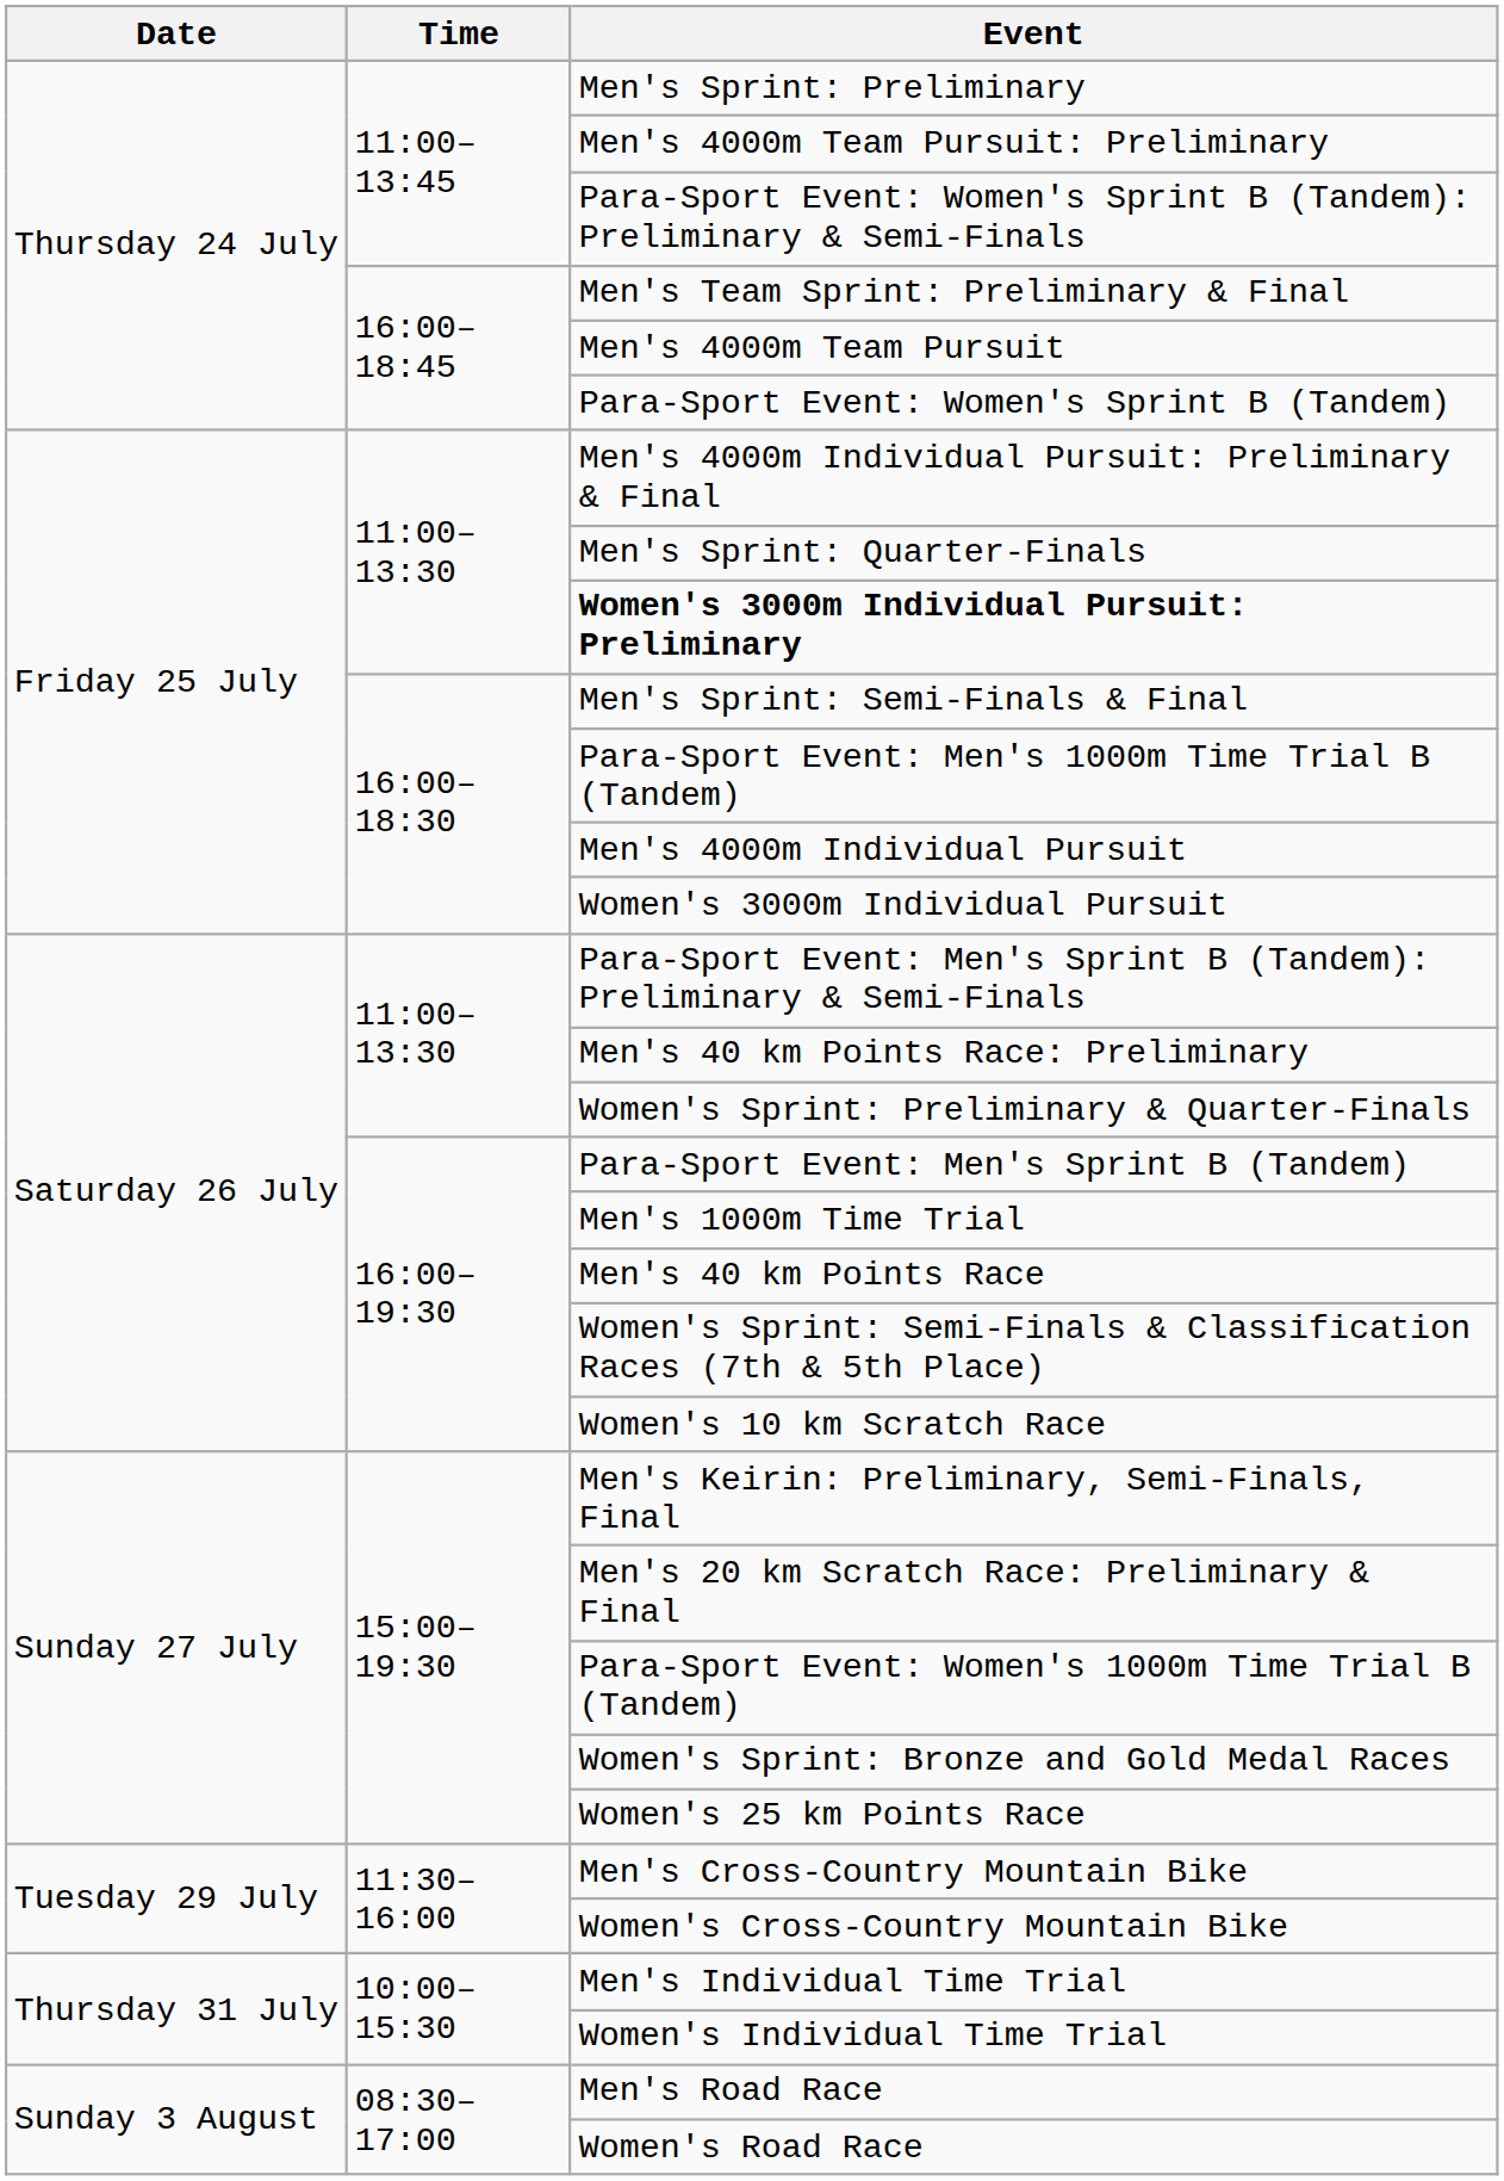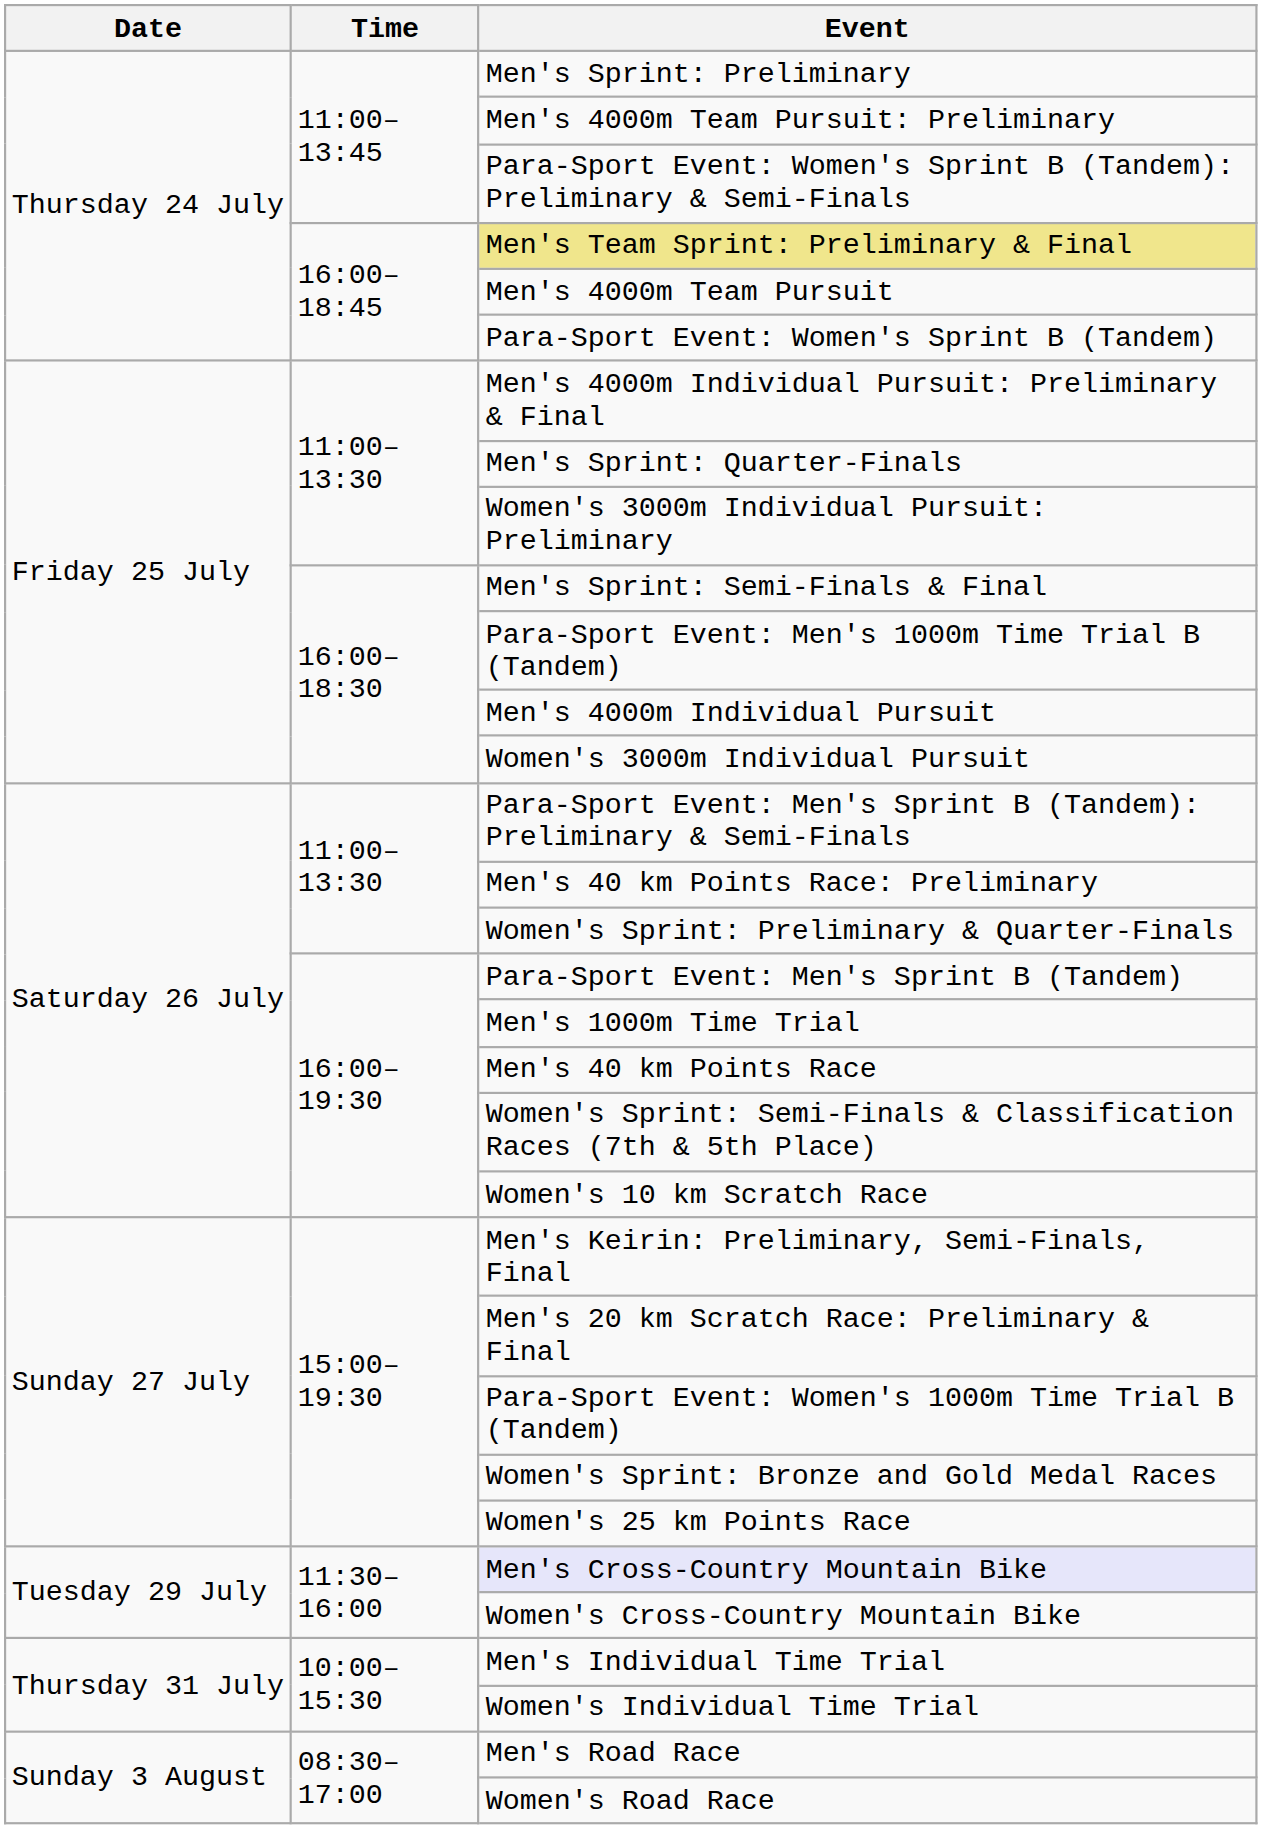 <table class=wikitable>
 <tr>
 <th width=125>Date</th>
 <th width=80>Time</th>
 <th width=350>Event</th>
 </tr>
 <tr>
 <td rowspan="6">Thursday 24 July</td>
 <td rowspan="3">11:00–13:45</td>
 <td>Men's Sprint: Preliminary</td>
 </tr>
 <tr>
 <td>Men's 4000m Team Pursuit: Preliminary</td>
 </tr>
 <tr>
 <td>Para-Sport Event: Women's Sprint B (Tandem): Preliminary & Semi-Finals</td>
 </tr>
 <tr>
 <td rowspan="3">16:00–18:45</td>
-<td>Men's Team Sprint: Preliminary & Final</td>
+<td style="background: khaki;">Men's Team Sprint: Preliminary & Final</td>
 </tr>
 <tr>
 <td>Men's 4000m Team Pursuit</td>
 </tr>
 <tr>
 <td>Para-Sport Event: Women's Sprint B (Tandem)</td>
 </tr>
 <tr>
 <td rowspan="7">Friday 25 July</td>
 <td rowspan="3">11:00–13:30</td>
 <td>Men's 4000m Individual Pursuit: Preliminary & Final</td>
 </tr>
 <tr>
 <td>Men's Sprint: Quarter-Finals</td>
 </tr>
 <tr>
-<td><strong>Women's 3000m Individual Pursuit: Preliminary</strong></td>
+<td>Women's 3000m Individual Pursuit: Preliminary</td>
 </tr>
 <tr>
 <td rowspan="4">16:00–18:30</td>
 <td>Men's Sprint: Semi-Finals & Final</td>
 </tr>
 <tr>
 <td>Para-Sport Event: Men's 1000m Time Trial B (Tandem)</td>
 </tr>
 <tr>
 <td>Men's 4000m Individual Pursuit</td>
 </tr>
 <tr>
 <td>Women's 3000m Individual Pursuit</td>
 </tr>
 <tr>
 <td rowspan="8">Saturday 26 July</td>
 <td rowspan="3">11:00–13:30</td>
 <td>Para-Sport Event: Men's Sprint B (Tandem): Preliminary & Semi-Finals</td>
 </tr>
 <tr>
 <td>Men's 40 km Points Race: Preliminary</td>
 </tr>
 <tr>
 <td>Women's Sprint: Preliminary & Quarter-Finals</td>
 </tr>
 <tr>
 <td rowspan="5">16:00–19:30</td>
 <td>Para-Sport Event: Men's Sprint B (Tandem)</td>
 </tr>
 <tr>
 <td>Men's 1000m Time Trial</td>
 </tr>
 <tr>
 <td>Men's 40 km Points Race</td>
 </tr>
 <tr>
 <td>Women's Sprint: Semi-Finals & Classification Races (7th & 5th Place)</td>
 </tr>
 <tr>
 <td>Women's 10 km Scratch Race</td>
 </tr>
 <tr>
 <td rowspan="5">Sunday 27 July</td>
 <td rowspan="5">15:00–19:30</td>
 <td>Men's Keirin: Preliminary, Semi-Finals, Final</td>
 </tr>
 <tr>
 <td>Men's 20 km Scratch Race: Preliminary & Final</td>
 </tr>
 <tr>
 <td>Para-Sport Event: Women's 1000m Time Trial B (Tandem)</td>
 </tr>
 <tr>
 <td>Women's Sprint: Bronze and Gold Medal Races</td>
 </tr>
 <tr>
 <td>Women's 25 km Points Race</td>
 </tr>
 <tr>
 <td rowspan="2">Tuesday 29 July</td>
 <td rowspan="2">11:30–16:00</td>
-<td>Men's Cross-Country Mountain Bike</td>
+<td style="background: lavender;">Men's Cross-Country Mountain Bike</td>
 </tr>
 <tr>
 <td>Women's Cross-Country Mountain Bike</td>
 </tr>
 <tr>
 <td rowspan="2">Thursday 31 July</td>
 <td rowspan="2">10:00–15:30</td>
 <td>Men's Individual Time Trial</td>
 </tr>
 <tr>
 <td>Women's Individual Time Trial</td>
 </tr>
 <tr>
 <td rowspan="2">Sunday 3 August</td>
 <td rowspan="2">08:30–17:00</td>
 <td>Men's Road Race</td>
 </tr>
 <tr>
 <td>Women's Road Race</td>
 </tr>
 </table>
